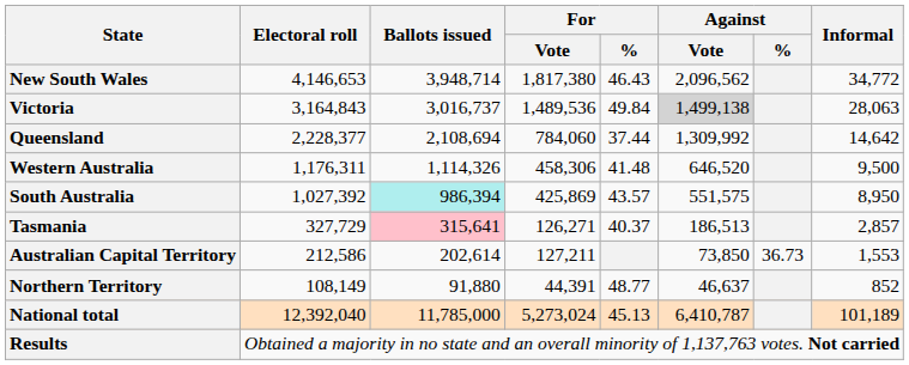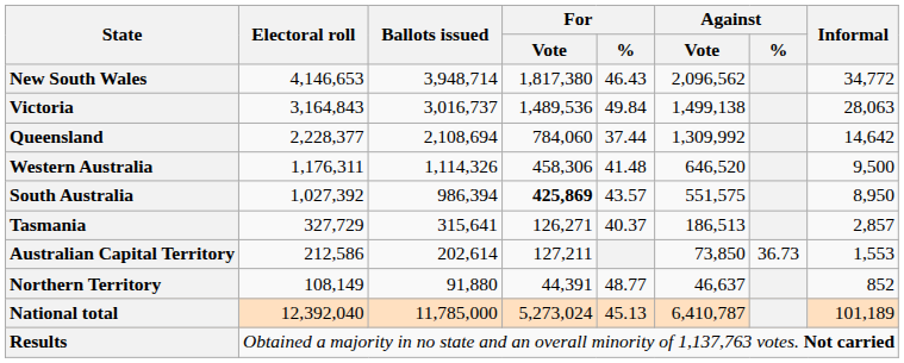 <table class="wikitable">
 <tr align=center>
 <th rowspan="2">State</th>
 <th rowspan="2">Electoral roll</th>
 <th rowspan="2">Ballots issued</th>
 <th align=center colspan="2">For</th>
 <th align=center colspan="2">Against</th>
 <th align=center rowspan="2">Informal</th>
 </tr>
 <tr>
 <th align=center>Vote</th>
 <th align=center>%</th>
 <th align=center>Vote</th>
 <th align=center>%</th>
 </tr>
 <tr align="right">
 <th style="text-align:left;">New South Wales</th>
 <td>4,146,653</td>
 <td>3,948,714</td>
 <td>1,817,380</td>
 <td align="center">46.43</td>
 <td>2,096,562</td>
 <th></th>
 <td>34,772</td>
 </tr>
 <tr align="right">
 <th style="text-align:left;">Victoria</th>
 <td>3,164,843</td>
 <td>3,016,737</td>
 <td>1,489,536</td>
 <td align="center">49.84</td>
-<td style="background: lightgrey;">1,499,138</td>
+<td>1,499,138</td>
 <th></th>
 <td>28,063</td>
 </tr>
 <tr align="right">
 <th style="text-align:left;">Queensland</th>
 <td>2,228,377</td>
 <td>2,108,694</td>
 <td>784,060</td>
 <td align="center">37.44</td>
 <td>1,309,992</td>
 <th></th>
 <td>14,642</td>
 </tr>
 <tr align="right">
 <th style="text-align:left;">Western Australia</th>
 <td>1,176,311</td>
 <td>1,114,326</td>
 <td>458,306</td>
 <td align="center">41.48</td>
 <td>646,520</td>
 <th></th>
 <td>9,500</td>
 </tr>
 <tr align="right">
 <th style="text-align:left;">South Australia</th>
 <td>1,027,392</td>
-<td style="background: paleturquoise;">986,394</td>
-<td>425,869</td>
+<td>986,394</td>
+<td><strong>425,869</strong></td>
 <td align="center">43.57</td>
 <td>551,575</td>
 <th></th>
 <td>8,950</td>
 </tr>
 <tr align="right">
 <th style="text-align:left;">Tasmania</th>
 <td>327,729</td>
-<td style="background: pink;">315,641</td>
+<td>315,641</td>
 <td>126,271</td>
 <td align="center">40.37</td>
 <td>186,513</td>
 <th></th>
 <td>2,857</td>
 </tr>
 <tr align="right">
 <th style="text-align:left;">Australian Capital Territory</th>
 <td>212,586</td>
 <td>202,614</td>
 <td>127,211</td>
 <th></th>
 <td>73,850</td>
 <td align="center">36.73</td>
 <td>1,553</td>
 </tr>
 <tr align="right">
 <th style="text-align:left;">Northern Territory</th>
 <td>108,149</td>
 <td>91,880</td>
 <td>44,391</td>
 <td align="center">48.77</td>
 <td>46,637</td>
 <th></th>
 <td>852</td>
 </tr>
 <tr bgcolor=#FFE0C0 align="right">
 <th style="text-align:left;">National total</th>
 <td>12,392,040</td>
 <td>11,785,000</td>
 <td>5,273,024</td>
 <td align="center">45.13</td>
 <td>6,410,787</td>
 <th></th>
 <td>101,189</td>
 </tr>
 <tr>
 <th style="text-align:left;">Results</th>
 <td colSpan="8"><em>Obtained a majority in no state and an overall minority of 1,137,763 votes.</em> <strong>Not carried</strong></td>
 </tr>
 </table>
